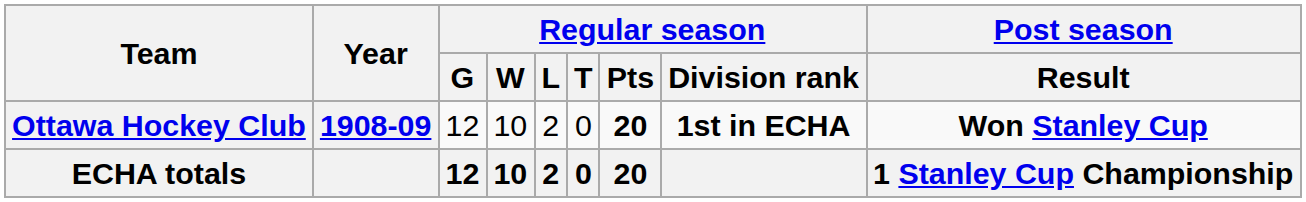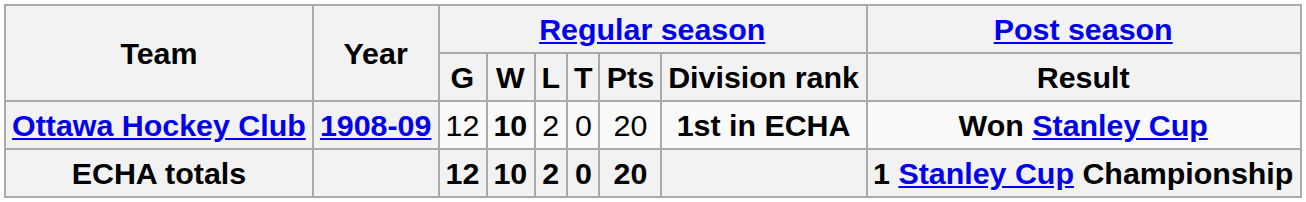 <table class="wikitable" style="font-size: 95%; text-align:center;">
 <tr>
 <th rowspan="2">Team</th>
 <th rowspan="2">Year</th>
 <th colspan="6"><a href='#'>Regular season</a></th>
 <th colspan="1"><a href='#'>Post season</a></th>
 </tr>
 <tr>
 <th>G</th>
 <th>W</th>
 <th>L</th>
 <th>T</th>
 <th>Pts</th>
 <th>Division rank</th>
 <th>Result</th>
 </tr>
 <tr>
 <th><a href='#'>Ottawa Hockey Club</a></th>
 <th><a href='#'>1908-09</a></th>
 <td>12</td>
-<td>10</td>
+<td><strong>10</strong></td>
 <td>2</td>
 <td>0</td>
-<td><strong>20</strong></td>
+<td>20</td>
 <td><strong>1st in ECHA</strong></td>
 <td><strong>Won <a href='#'>Stanley Cup</a></strong></td>
 </tr>
 <tr align="centre" bgcolor="#dddddd">
 <th>ECHA totals</th>
 <th></th>
 <th>12</th>
 <th>10</th>
 <th>2</th>
 <th>0</th>
 <th>20</th>
 <th></th>
 <th>1 <a href='#'>Stanley Cup</a> Championship</th>
 </tr>
 </table>
